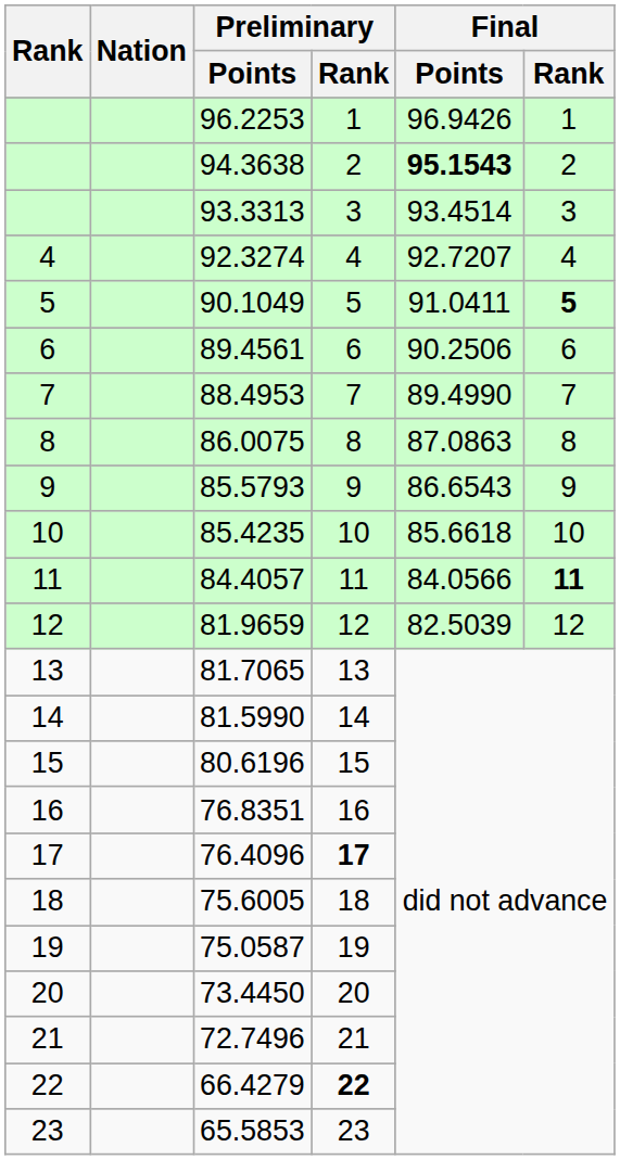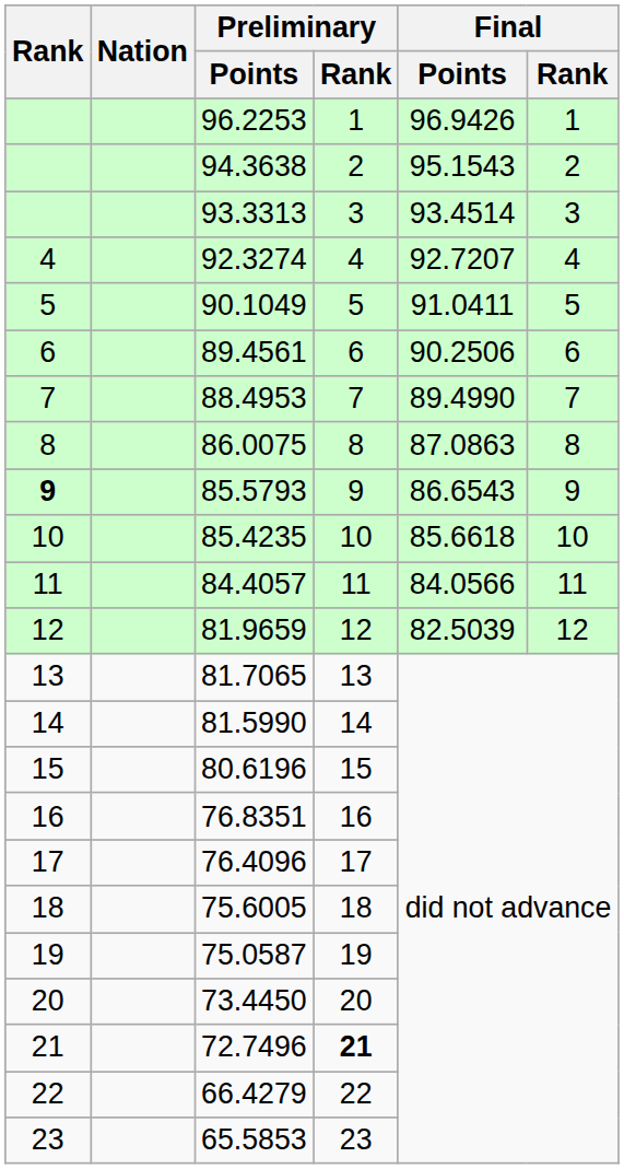 <table class="wikitable sortable" style="text-align:center">
 <tr>
 <th rowspan=2>Rank</th>
 <th rowspan=2>Nation</th>
 <th colspan=2>Preliminary</th>
 <th colspan=2>Final</th>
 </tr>
 <tr>
 <th>Points</th>
 <th>Rank</th>
 <th>Points</th>
 <th>Rank</th>
 </tr>
 <tr bgcolor=ccffcc>
 <td></td>
 <td align=left></td>
 <td>96.2253</td>
 <td>1</td>
 <td>96.9426</td>
 <td>1</td>
 </tr>
 <tr bgcolor=ccffcc>
 <td></td>
 <td align=left></td>
 <td>94.3638</td>
 <td>2</td>
-<td><strong>95.1543</strong></td>
+<td>95.1543</td>
 <td>2</td>
 </tr>
 <tr bgcolor=ccffcc>
 <td></td>
 <td align=left></td>
 <td>93.3313</td>
 <td>3</td>
 <td>93.4514</td>
 <td>3</td>
 </tr>
 <tr bgcolor=ccffcc>
 <td>4</td>
 <td align=left></td>
 <td>92.3274</td>
 <td>4</td>
 <td>92.7207</td>
 <td>4</td>
 </tr>
 <tr bgcolor=ccffcc>
 <td>5</td>
 <td align=left></td>
 <td>90.1049</td>
 <td>5</td>
 <td>91.0411</td>
-<td><strong>5</strong></td>
+<td>5</td>
 </tr>
 <tr bgcolor=ccffcc>
 <td>6</td>
 <td align=left></td>
 <td>89.4561</td>
 <td>6</td>
 <td>90.2506</td>
 <td>6</td>
 </tr>
 <tr bgcolor=ccffcc>
 <td>7</td>
 <td align=left></td>
 <td>88.4953</td>
 <td>7</td>
 <td>89.4990</td>
 <td>7</td>
 </tr>
 <tr bgcolor=ccffcc>
 <td>8</td>
 <td align=left></td>
 <td>86.0075</td>
 <td>8</td>
 <td>87.0863</td>
 <td>8</td>
 </tr>
 <tr bgcolor=ccffcc>
-<td>9</td>
+<td><strong>9</strong></td>
 <td align=left></td>
 <td>85.5793</td>
 <td>9</td>
 <td>86.6543</td>
 <td>9</td>
 </tr>
 <tr bgcolor=ccffcc>
 <td>10</td>
 <td align=left></td>
 <td>85.4235</td>
 <td>10</td>
 <td>85.6618</td>
 <td>10</td>
 </tr>
 <tr bgcolor=ccffcc>
 <td>11</td>
 <td align=left></td>
 <td>84.4057</td>
 <td>11</td>
 <td>84.0566</td>
-<td><strong>11</strong></td>
+<td>11</td>
 </tr>
 <tr bgcolor=ccffcc>
 <td>12</td>
 <td align=left></td>
 <td>81.9659</td>
 <td>12</td>
 <td>82.5039</td>
 <td>12</td>
 </tr>
 <tr>
 <td>13</td>
 <td align=left></td>
 <td>81.7065</td>
 <td>13</td>
 <td rowspan=11 colspan=2>did not advance</td>
 </tr>
 <tr>
 <td>14</td>
 <td align=left></td>
 <td>81.5990</td>
 <td>14</td>
 </tr>
 <tr>
 <td>15</td>
 <td align=left></td>
 <td>80.6196</td>
 <td>15</td>
 </tr>
 <tr>
 <td>16</td>
 <td align=left></td>
 <td>76.8351</td>
 <td>16</td>
 </tr>
 <tr>
 <td>17</td>
 <td align=left></td>
 <td>76.4096</td>
-<td><strong>17</strong></td>
+<td>17</td>
 </tr>
 <tr>
 <td>18</td>
 <td align=left></td>
 <td>75.6005</td>
 <td>18</td>
 </tr>
 <tr>
 <td>19</td>
 <td align=left></td>
 <td>75.0587</td>
 <td>19</td>
 </tr>
 <tr>
 <td>20</td>
 <td align=left></td>
 <td>73.4450</td>
 <td>20</td>
 </tr>
 <tr>
 <td>21</td>
 <td align=left></td>
 <td>72.7496</td>
-<td>21</td>
+<td><strong>21</strong></td>
 </tr>
 <tr>
 <td>22</td>
 <td align=left></td>
 <td>66.4279</td>
-<td><strong>22</strong></td>
+<td>22</td>
 </tr>
 <tr>
 <td>23</td>
 <td align=left></td>
 <td>65.5853</td>
 <td>23</td>
 </tr>
 </table>
